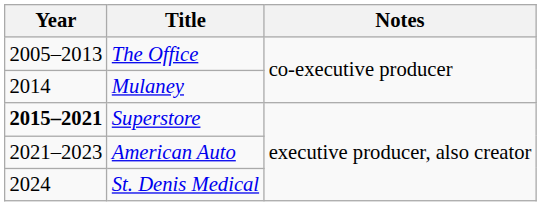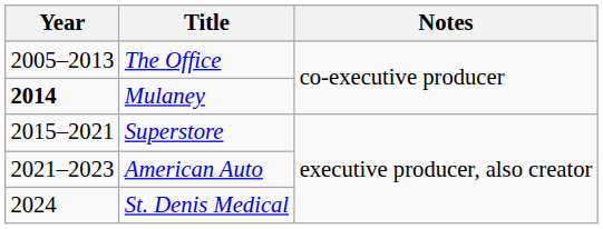 <table class="wikitable">
 <tr>
 <th>Year</th>
 <th>Title</th>
 <th>Notes</th>
 </tr>
 <tr>
 <td>2005–2013</td>
 <td><em><a href='#'>The Office</a></em></td>
 <td rowspan="2">co-executive producer</td>
 </tr>
 <tr>
-<td>2014</td>
+<td><strong>2014</strong></td>
 <td><em><a href='#'>Mulaney</a></em></td>
 </tr>
 <tr>
-<td><strong>2015–2021</strong></td>
+<td>2015–2021</td>
 <td><em><a href='#'>Superstore</a></em></td>
 <td rowspan="3">executive producer, also creator</td>
 </tr>
 <tr>
 <td>2021–2023</td>
 <td><em><a href='#'>American Auto</a></em></td>
 </tr>
 <tr>
 <td>2024</td>
 <td><em><a href='#'>St. Denis Medical</a></em></td>
 </tr>
 </table>
